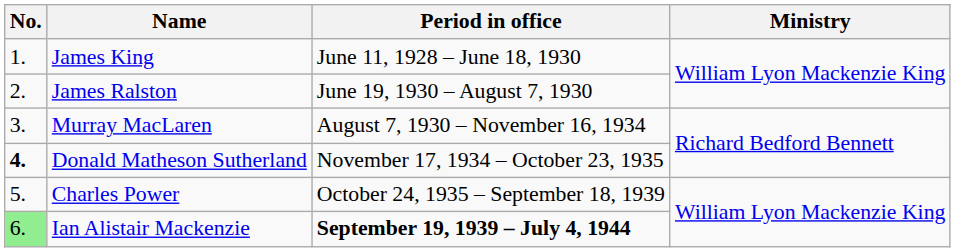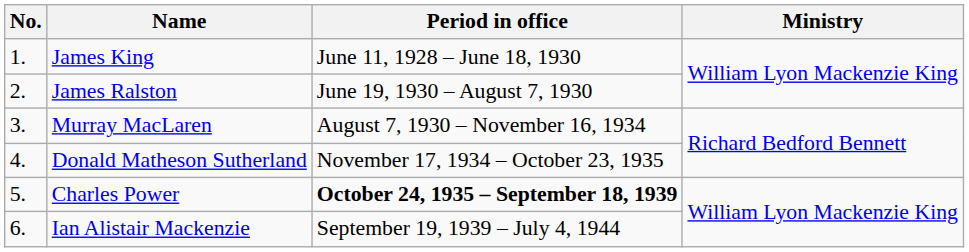 <table class="wikitable">
 <tr>
 <th>No.</th>
 <th>Name</th>
 <th>Period in office</th>
 <th>Ministry</th>
 </tr>
 <tr>
 <td>1.</td>
 <td><a href='#'>James King</a></td>
 <td>June 11, 1928 – June 18, 1930</td>
 <td rowspan="2"><a href='#'>William Lyon Mackenzie King</a></td>
 </tr>
 <tr>
 <td>2.</td>
 <td><a href='#'>James Ralston</a></td>
 <td>June 19, 1930 – August 7, 1930</td>
 </tr>
 <tr>
 <td>3.</td>
 <td><a href='#'>Murray MacLaren</a></td>
 <td>August 7, 1930 – November 16, 1934</td>
 <td rowspan=2><a href='#'>Richard Bedford Bennett</a></td>
 </tr>
 <tr>
-<td><strong>4.</strong></td>
+<td>4.</td>
 <td><a href='#'>Donald Matheson Sutherland</a></td>
 <td>November 17, 1934 – October 23, 1935</td>
 </tr>
 <tr>
 <td>5.</td>
 <td><a href='#'>Charles Power</a></td>
-<td>October 24, 1935 – September 18, 1939</td>
+<td><strong>October 24, 1935 – September 18, 1939</strong></td>
 <td rowspan=2><a href='#'>William Lyon Mackenzie King</a></td>
 </tr>
 <tr>
-<td style="background: lightgreen;">6.</td>
+<td>6.</td>
 <td><a href='#'>Ian Alistair Mackenzie</a></td>
-<td><strong>September 19, 1939 – July 4, 1944</strong></td>
+<td>September 19, 1939 – July 4, 1944</td>
 </tr>
 </table>
